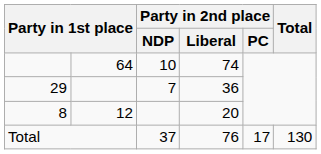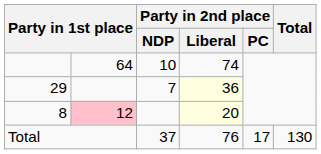 <table class="wikitable" style="text-align:right;">
 <tr>
 <th rowspan="2" colspan="2" style="text-align:left;">Party in 1st place</th>
 <th colspan="3">Party in 2nd place</th>
 <th rowspan="2">Total</th>
 </tr>
 <tr>
 <th>NDP</th>
 <th>Liberal</th>
 <th>PC</th>
 </tr>
 <tr>
 <td></td>
 <td>64</td>
 <td>10</td>
 <td>74</td>
 </tr>
 <tr>
 <td>29</td>
 <td></td>
 <td>7</td>
-<td>36</td>
+<td style="background: lightyellow;">36</td>
 </tr>
 <tr>
 <td>8</td>
-<td>12</td>
+<td style="background: pink;">12</td>
 <td></td>
-<td>20</td>
+<td style="background: lightyellow;">20</td>
 </tr>
 <tr>
 <td colspan="2" style="text-align:left;">Total</td>
 <td>37</td>
 <td>76</td>
 <td>17</td>
 <td>130</td>
 </tr>
 </table>
